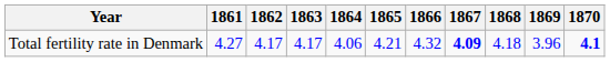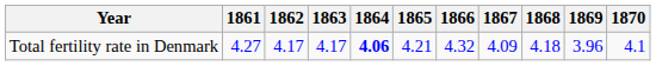 <table class="wikitable " style="text-align:right">
 <tr>
 <th>Year</th>
 <th>1861</th>
 <th>1862</th>
 <th>1863</th>
 <th>1864</th>
 <th>1865</th>
 <th>1866</th>
 <th>1867</th>
 <th>1868</th>
 <th>1869</th>
 <th>1870</th>
 </tr>
 <tr>
 <td align="left">Total fertility rate in Denmark</td>
 <td style="text-align:right; color:blue;">4.27</td>
 <td style="text-align:right; color:blue;">4.17</td>
 <td style="text-align:right; color:blue;">4.17</td>
-<td style="text-align:right; color:blue;">4.06</td>
+<td style="text-align:right; color:blue;"><strong>4.06</strong></td>
 <td style="text-align:right; color:blue;">4.21</td>
 <td style="text-align:right; color:blue;">4.32</td>
-<td style="text-align:right; color:blue;"><strong>4.09</strong></td>
+<td style="text-align:right; color:blue;">4.09</td>
 <td style="text-align:right; color:blue;">4.18</td>
 <td style="text-align:right; color:blue;">3.96</td>
-<td style="text-align:right; color:blue;"><strong>4.1</strong></td>
+<td style="text-align:right; color:blue;">4.1</td>
 </tr>
 </table>
